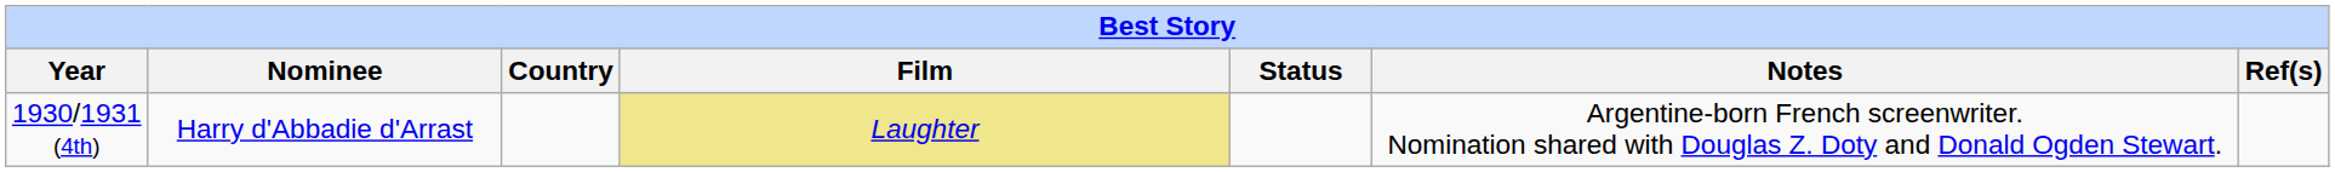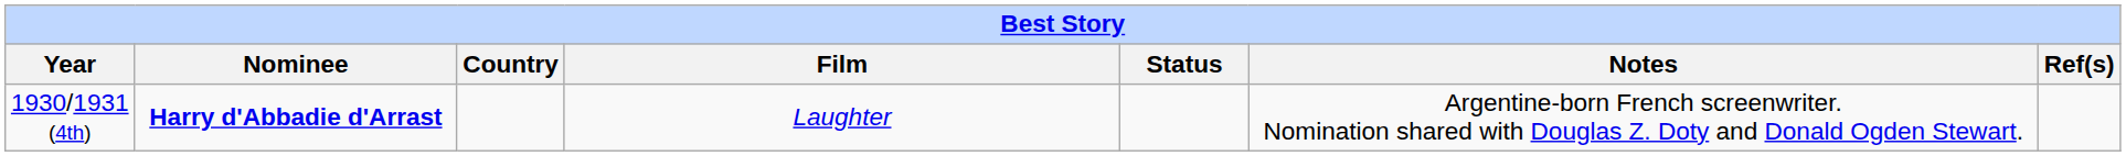 <table class="wikitable" style="text-align: center">
 <tr style="background:#bfd7ff;">
 <td colspan="7" style="text-align:center;"><strong><a href='#'>Best Story</a></strong></td>
 </tr>
 <tr style="background:#ebf5ff;">
 <th style="width:75px;">Year</th>
 <th style="width:200px;">Nominee</th>
 <th style="width:50px;">Country</th>
 <th style="width:350px;">Film</th>
 <th style="width:75px;">Status</th>
 <th style="width:500px;">Notes</th>
 <th width="3">Ref(s)</th>
 </tr>
 <tr>
 <td style="text-align: center"><a href='#'>1930</a>/<a href='#'>1931</a><br><small>(<a href='#'>4th</a>)</small></td>
-<td><a href='#'>Harry d'Abbadie d'Arrast</a></td>
+<td><strong><a href='#'>Harry d'Abbadie d'Arrast</a></strong></td>
 <td></td>
-<td style="background: khaki;"><em><a href='#'>Laughter</a></em></td>
+<td><em><a href='#'>Laughter</a></em></td>
 <td></td>
 <td>Argentine-born French screenwriter.<br>Nomination shared with <a href='#'>Douglas Z. Doty</a> and <a href='#'>Donald Ogden Stewart</a>.</td>
 <td style="text-align: center"></td>
 </tr>
 </table>
